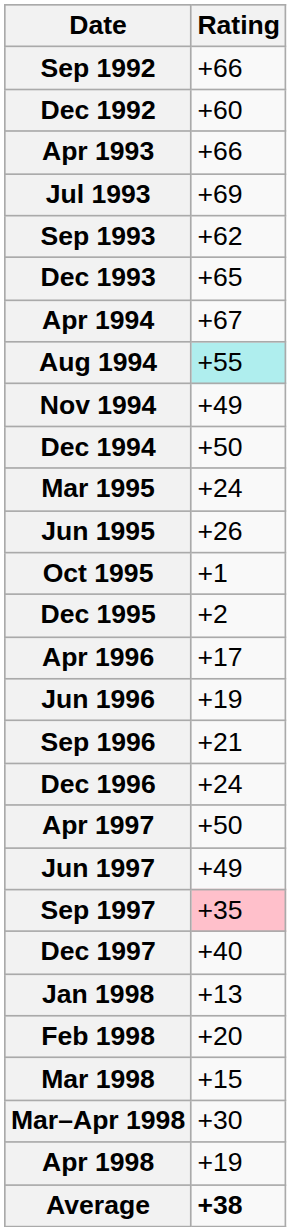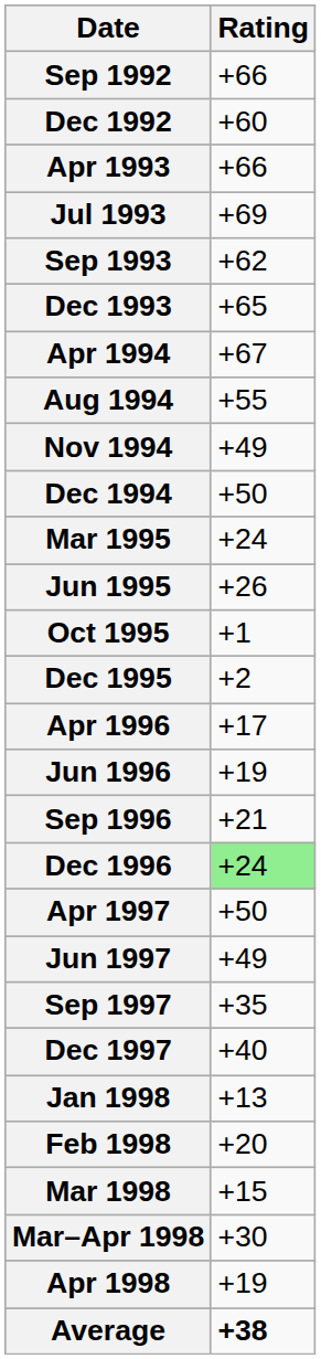 <table class="wikitable sortable plainrowheaders">
 <tr>
 <th scope="col">Date</th>
 <th scope="col">Rating</th>
 </tr>
 <tr>
 <th scope="row">Sep 1992</th>
 <td>+66</td>
 </tr>
 <tr>
 <th scope="row">Dec 1992</th>
 <td>+60</td>
 </tr>
 <tr>
 <th scope="row">Apr 1993</th>
 <td>+66</td>
 </tr>
 <tr>
 <th scope="row">Jul 1993</th>
 <td>+69</td>
 </tr>
 <tr>
 <th scope="row">Sep 1993</th>
 <td>+62</td>
 </tr>
 <tr>
 <th scope="row">Dec 1993</th>
 <td>+65</td>
 </tr>
 <tr>
 <th scope="row">Apr 1994</th>
 <td>+67</td>
 </tr>
 <tr>
 <th scope="row">Aug 1994</th>
-<td style="background: paleturquoise;">+55</td>
+<td>+55</td>
 </tr>
 <tr>
 <th scope="row">Nov 1994</th>
 <td>+49</td>
 </tr>
 <tr>
 <th scope="row">Dec 1994</th>
 <td>+50</td>
 </tr>
 <tr>
 <th scope="row">Mar 1995</th>
 <td>+24</td>
 </tr>
 <tr>
 <th scope="row">Jun 1995</th>
 <td>+26</td>
 </tr>
 <tr>
 <th scope="row">Oct 1995</th>
 <td>+1</td>
 </tr>
 <tr>
 <th scope="row">Dec 1995</th>
 <td>+2</td>
 </tr>
 <tr>
 <th scope="row">Apr 1996</th>
 <td>+17</td>
 </tr>
 <tr>
 <th scope="row">Jun 1996</th>
 <td>+19</td>
 </tr>
 <tr>
 <th scope="row">Sep 1996</th>
 <td>+21</td>
 </tr>
 <tr>
 <th scope="row">Dec 1996</th>
-<td>+24</td>
+<td style="background: lightgreen;">+24</td>
 </tr>
 <tr>
 <th scope="row">Apr 1997</th>
 <td>+50</td>
 </tr>
 <tr>
 <th scope="row">Jun 1997</th>
 <td>+49</td>
 </tr>
 <tr>
 <th scope="row">Sep 1997</th>
-<td style="background: pink;">+35</td>
+<td>+35</td>
 </tr>
 <tr>
 <th scope="row">Dec 1997</th>
 <td>+40</td>
 </tr>
 <tr>
 <th scope="row">Jan 1998</th>
 <td>+13</td>
 </tr>
 <tr>
 <th scope="row">Feb 1998</th>
 <td>+20</td>
 </tr>
 <tr>
 <th scope="row">Mar 1998</th>
 <td>+15</td>
 </tr>
 <tr>
 <th scope="row">Mar–Apr 1998</th>
 <td>+30</td>
 </tr>
 <tr>
 <th scope="row">Apr 1998</th>
 <td>+19</td>
 </tr>
 <tr class="sortbottom">
 <th scope="row"><strong>Average</strong></th>
 <td><strong>+38</strong></td>
 </tr>
 </table>
